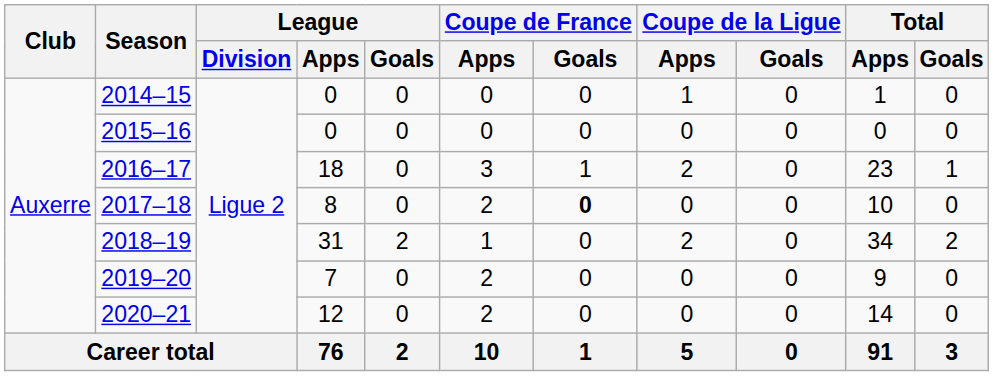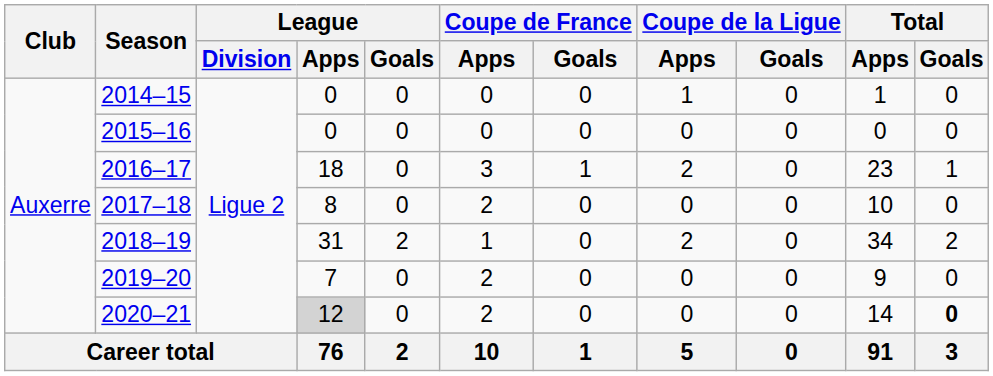 <table class="wikitable" style="text-align:center">
 <tr>
 <th rowspan="2">Club</th>
 <th rowspan="2">Season</th>
 <th colspan="3">League</th>
 <th colspan="2"><a href='#'>Coupe de France</a></th>
 <th colspan="2"><a href='#'>Coupe de la Ligue</a></th>
 <th colspan="2">Total</th>
 </tr>
 <tr>
 <th><a href='#'>Division</a></th>
 <th>Apps</th>
 <th>Goals</th>
 <th>Apps</th>
 <th>Goals</th>
 <th>Apps</th>
 <th>Goals</th>
 <th>Apps</th>
 <th>Goals</th>
 </tr>
 <tr>
 <td rowspan="7"><a href='#'>Auxerre</a></td>
 <td><a href='#'>2014–15</a></td>
 <td rowspan="7"><a href='#'>Ligue 2</a></td>
 <td>0</td>
 <td>0</td>
 <td>0</td>
 <td>0</td>
 <td>1</td>
 <td>0</td>
 <td>1</td>
 <td>0</td>
 </tr>
 <tr>
 <td><a href='#'>2015–16</a></td>
 <td>0</td>
 <td>0</td>
 <td>0</td>
 <td>0</td>
 <td>0</td>
 <td>0</td>
 <td>0</td>
 <td>0</td>
 </tr>
 <tr>
 <td><a href='#'>2016–17</a></td>
 <td>18</td>
 <td>0</td>
 <td>3</td>
 <td>1</td>
 <td>2</td>
 <td>0</td>
 <td>23</td>
 <td>1</td>
 </tr>
 <tr>
 <td><a href='#'>2017–18</a></td>
 <td>8</td>
 <td>0</td>
 <td>2</td>
-<td><strong>0</strong></td>
+<td>0</td>
 <td>0</td>
 <td>0</td>
 <td>10</td>
 <td>0</td>
 </tr>
 <tr>
 <td><a href='#'>2018–19</a></td>
 <td>31</td>
 <td>2</td>
 <td>1</td>
 <td>0</td>
 <td>2</td>
 <td>0</td>
 <td>34</td>
 <td>2</td>
 </tr>
 <tr>
 <td><a href='#'>2019–20</a></td>
 <td>7</td>
 <td>0</td>
 <td>2</td>
 <td>0</td>
 <td>0</td>
 <td>0</td>
 <td>9</td>
 <td>0</td>
 </tr>
 <tr>
 <td><a href='#'>2020–21</a></td>
-<td>12</td>
+<td style="background: lightgrey;">12</td>
 <td>0</td>
 <td>2</td>
 <td>0</td>
 <td>0</td>
 <td>0</td>
 <td>14</td>
-<td>0</td>
+<td><strong>0</strong></td>
 </tr>
 <tr>
 <th colspan="3">Career total</th>
 <th>76</th>
 <th>2</th>
 <th>10</th>
 <th>1</th>
 <th>5</th>
 <th>0</th>
 <th>91</th>
 <th>3</th>
 </tr>
 </table>
